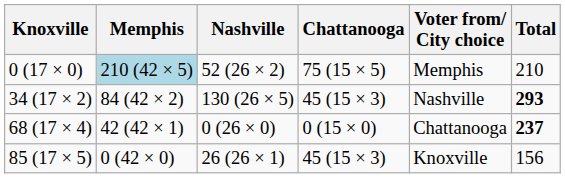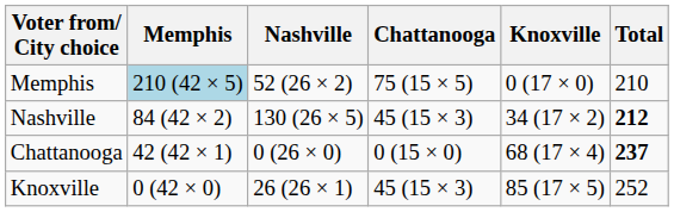 <table class="wikitable" border="1" style="empty-cells: show">
 <tr>
-<th>Knoxville</th>
+<th>Voter from/<br>City choice</th>
 <th>Memphis</th>
 <th>Nashville</th>
 <th>Chattanooga</th>
-<th>Voter from/<br>City choice</th>
+<th>Knoxville</th>
 <th>Total</th>
 </tr>
 <tr>
-<td>0 (17 × 0)</td>
+<td>Memphis</td>
 <td style="background: lightblue;">210 (42 × 5)</td>
 <td>52 (26 × 2)</td>
 <td>75 (15 × 5)</td>
-<td>Memphis</td>
+<td>0 (17 × 0)</td>
 <td>210</td>
 </tr>
 <tr>
-<td>34 (17 × 2)</td>
+<td>Nashville</td>
 <td>84 (42 × 2)</td>
 <td>130 (26 × 5)</td>
 <td>45 (15 × 3)</td>
-<td>Nashville</td>
-<td><strong>293</strong></td>
+<td>34 (17 × 2)</td>
+<td><strong>212</strong></td>
 </tr>
 <tr>
-<td>68 (17 × 4)</td>
+<td>Chattanooga</td>
 <td>42 (42 × 1)</td>
 <td>0 (26 × 0)</td>
 <td>0 (15 × 0)</td>
-<td>Chattanooga</td>
+<td>68 (17 × 4)</td>
 <td><strong>237</strong></td>
 </tr>
 <tr>
-<td>85 (17 × 5)</td>
+<td>Knoxville</td>
 <td>0 (42 × 0)</td>
 <td>26 (26 × 1)</td>
 <td>45 (15 × 3)</td>
-<td>Knoxville</td>
-<td>156</td>
+<td>85 (17 × 5)</td>
+<td>252</td>
 </tr>
 </table>
